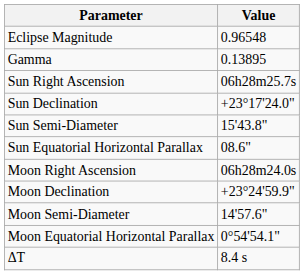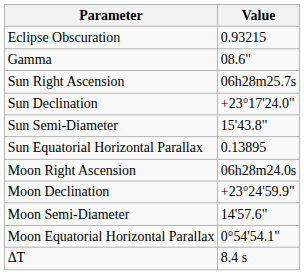 <table class="wikitable">
 <tr>
 <th>Parameter</th>
 <th>Value</th>
 </tr>
 <tr>
-<td>Eclipse Magnitude</td>
-<td>0.96548</td>
+<td>Eclipse Obscuration</td>
+<td>0.93215</td>
 </tr>
 <tr>
 <td>Gamma</td>
-<td>0.13895</td>
+<td>08.6"</td>
 </tr>
 <tr>
 <td>Sun Right Ascension</td>
 <td>06h28m25.7s</td>
 </tr>
 <tr>
 <td>Sun Declination</td>
 <td>+23°17'24.0"</td>
 </tr>
 <tr>
 <td>Sun Semi-Diameter</td>
 <td>15'43.8"</td>
 </tr>
 <tr>
 <td>Sun Equatorial Horizontal Parallax</td>
-<td>08.6"</td>
+<td>0.13895</td>
 </tr>
 <tr>
 <td>Moon Right Ascension</td>
 <td>06h28m24.0s</td>
 </tr>
 <tr>
 <td>Moon Declination</td>
 <td>+23°24'59.9"</td>
 </tr>
 <tr>
 <td>Moon Semi-Diameter</td>
 <td>14'57.6"</td>
 </tr>
 <tr>
 <td>Moon Equatorial Horizontal Parallax</td>
 <td>0°54'54.1"</td>
 </tr>
 <tr>
 <td>ΔT</td>
 <td>8.4 s</td>
 </tr>
 </table>
